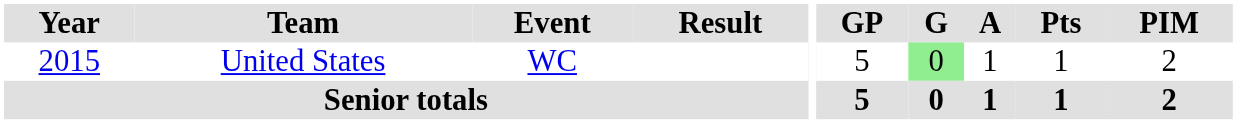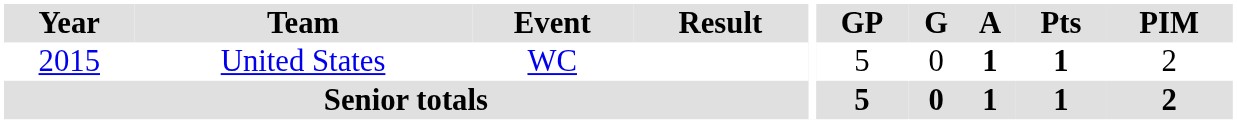 <table border="0" cellpadding="1" cellspacing="0" ID="Table3" style="text-align:center; width:40em">
 <tr ALIGN="center" bgcolor="#e0e0e0">
 <th>Year</th>
 <th>Team</th>
 <th>Event</th>
 <th>Result</th>
 <th rowspan="99" bgcolor="#ffffff"></th>
 <th>GP</th>
 <th>G</th>
 <th>A</th>
 <th>Pts</th>
 <th>PIM</th>
 </tr>
 <tr>
 <td><a href='#'>2015</a></td>
 <td><a href='#'>United States</a></td>
 <td><a href='#'>WC</a></td>
 <td></td>
 <td>5</td>
-<td style="background: lightgreen;">0</td>
-<td>1</td>
-<td>1</td>
+<td>0</td>
+<td><strong>1</strong></td>
+<td><strong>1</strong></td>
 <td>2</td>
 </tr>
 <tr bgcolor="#e0e0e0">
 <th colspan="4">Senior totals</th>
 <th>5</th>
 <th>0</th>
 <th>1</th>
 <th>1</th>
 <th>2</th>
 </tr>
 </table>
